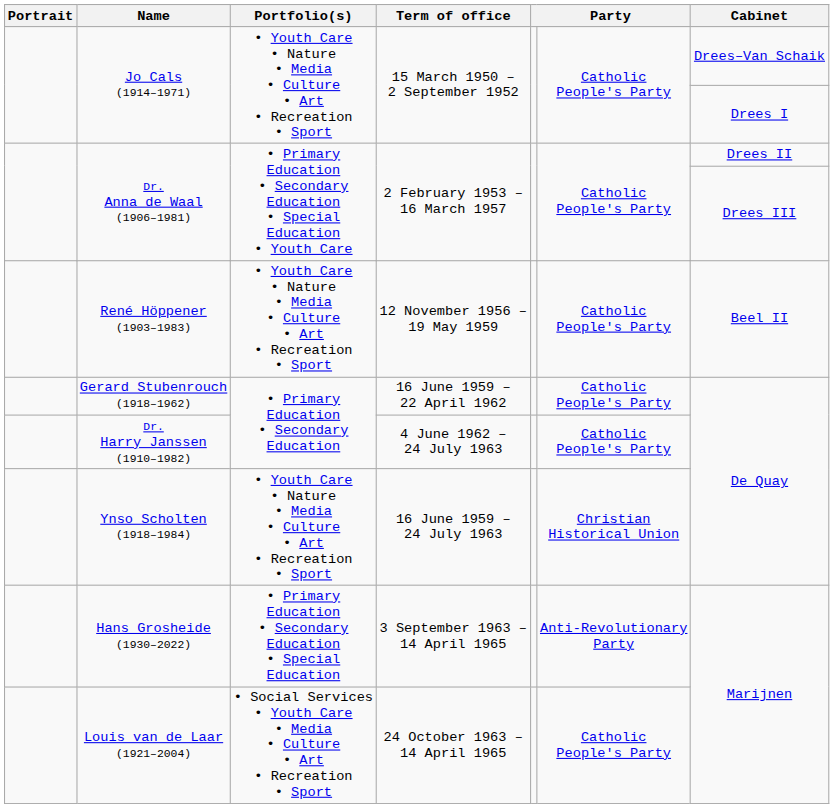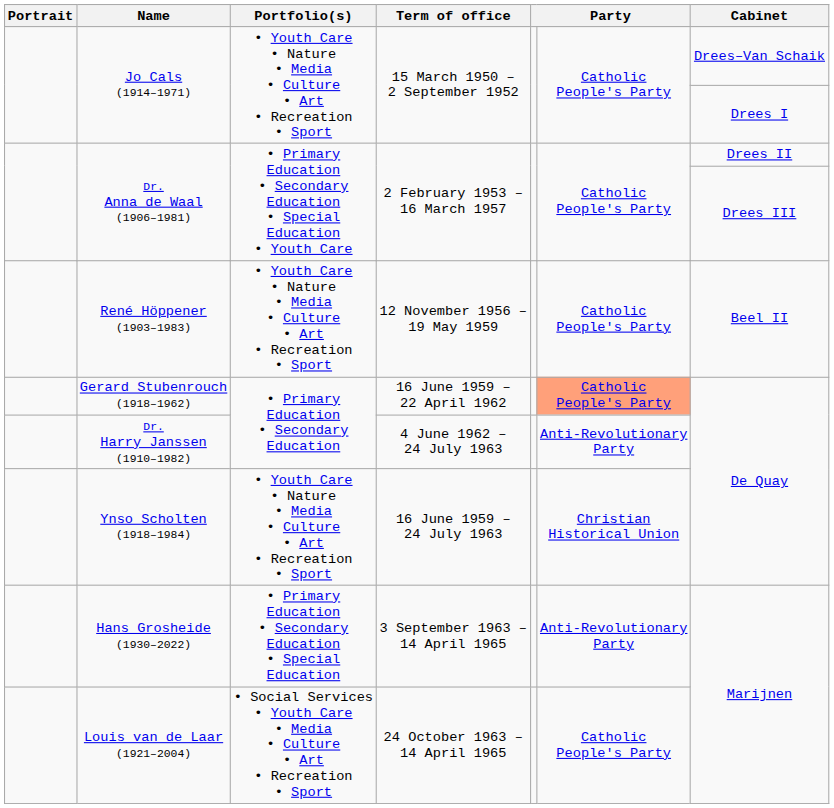 <table class="wikitable" style="text-align:center">
 <tr>
 <th>Portrait</th>
 <th>Name <br> </th>
 <th>Portfolio(s)</th>
 <th>Term of office</th>
 <th colspan=2>Party</th>
 <th>Cabinet</th>
 </tr>
 <tr>
 <td rowspan=2></td>
 <td rowspan=2><a href='#'>Jo Cals</a> <br> <small>(1914–1971)</small></td>
 <td rowspan=2>• <a href='#'>Youth Care</a> <br> • Nature <br> • <a href='#'>Media</a> <br> • <a href='#'>Culture</a> <br> • <a href='#'>Art</a> <br> • Recreation <br> • <a href='#'>Sport</a></td>
 <td rowspan=2>15 March 1950 – <br> 2 September 1952</td>
 <td rowspan=2 style="background:"></td>
 <td rowspan=2><a href='#'>Catholic <br> People's Party</a></td>
 <td><a href='#'>Drees–Van Schaik</a> <br></td>
 </tr>
 <tr>
 <td><a href='#'>Drees I</a> <br></td>
 </tr>
 <tr>
 <td rowspan=2></td>
 <td rowspan=2><small><a href='#'>Dr.</a></small> <br> <a href='#'>Anna de Waal</a> <br> <small>(1906–1981)</small></td>
 <td rowspan=2>• <a href='#'>Primary <br> Education</a> <br> • <a href='#'>Secondary <br> Education</a> <br> • <a href='#'>Special <br> Education</a> <br> • <a href='#'>Youth Care</a></td>
 <td rowspan=2>2 February 1953 – <br> 16 March 1957 <br> </td>
 <td rowspan=2 style="background:"></td>
 <td rowspan=2><a href='#'>Catholic <br> People's Party</a></td>
 <td><a href='#'>Drees II</a> <br></td>
 </tr>
 <tr>
 <td rowspan=2><a href='#'>Drees III</a> <br></td>
 </tr>
 <tr>
 <td rowspan=2></td>
 <td rowspan=2><a href='#'>René Höppener</a> <br> <small>(1903–1983)</small></td>
 <td rowspan=2>• <a href='#'>Youth Care</a> <br> • Nature <br> • <a href='#'>Media</a> <br> • <a href='#'>Culture</a> <br> • <a href='#'>Art</a> <br> • Recreation <br> • <a href='#'>Sport</a></td>
 <td rowspan=2>12 November 1956 – <br> 19 May 1959</td>
 <td rowspan=2 style="background:"></td>
 <td rowspan=2><a href='#'>Catholic <br> People's Party</a></td>
 </tr>
 <tr>
 <td><a href='#'>Beel II</a> <br></td>
 </tr>
 <tr>
 <td></td>
 <td><a href='#'>Gerard Stubenrouch</a> <br> <small>(1918–1962)</small></td>
 <td rowspan=2>• <a href='#'>Primary <br> Education</a> <br> • <a href='#'>Secondary <br> Education</a></td>
 <td>16 June 1959 – <br> 22 April 1962 <br> </td>
 <td style="background:"></td>
-<td><a href='#'>Catholic <br> People's Party</a></td>
+<td style="background: lightsalmon;"><a href='#'>Catholic <br> People's Party</a></td>
 <td rowspan=3><a href='#'>De Quay</a> <br></td>
 </tr>
 <tr>
 <td></td>
 <td><small><a href='#'>Dr.</a></small> <br> <a href='#'>Harry Janssen</a> <br> <small>(1910–1982)</small></td>
 <td>4 June 1962 – <br> 24 July 1963</td>
 <td style="background:"></td>
-<td><a href='#'>Catholic <br> People's Party</a></td>
+<td><a href='#'>Anti-Revolutionary <br> Party</a></td>
 </tr>
 <tr>
 <td></td>
 <td><a href='#'>Ynso Scholten</a> <br> <small>(1918–1984)</small></td>
 <td>• <a href='#'>Youth Care</a> <br> • Nature <br> • <a href='#'>Media</a> <br> • <a href='#'>Culture</a> <br> • <a href='#'>Art</a> <br> • Recreation <br> • <a href='#'>Sport</a></td>
 <td>16 June 1959 – <br> 24 July 1963</td>
 <td style="background:"></td>
 <td><a href='#'>Christian <br> Historical Union</a></td>
 </tr>
 <tr>
 <td></td>
 <td><a href='#'>Hans Grosheide</a> <br> <small>(1930–2022)</small></td>
 <td>• <a href='#'>Primary <br> Education</a> <br> • <a href='#'>Secondary <br> Education</a> <br> • <a href='#'>Special <br> Education</a></td>
 <td>3 September 1963 – <br> 14 April 1965</td>
 <td style="background:"></td>
 <td><a href='#'>Anti-Revolutionary <br> Party</a></td>
 <td rowspan=2><a href='#'>Marijnen</a> <br></td>
 </tr>
 <tr>
 <td></td>
 <td><a href='#'>Louis van de Laar</a> <br> <small>(1921–2004)</small></td>
 <td>• Social Services <br> • <a href='#'>Youth Care</a> <br> • <a href='#'>Media</a> <br> • <a href='#'>Culture</a> <br> • <a href='#'>Art</a> <br> • Recreation <br> • <a href='#'>Sport</a></td>
 <td>24 October 1963 – <br> 14 April 1965</td>
 <td style="background:"></td>
 <td><a href='#'>Catholic <br> People's Party</a></td>
 </tr>
 </table>
